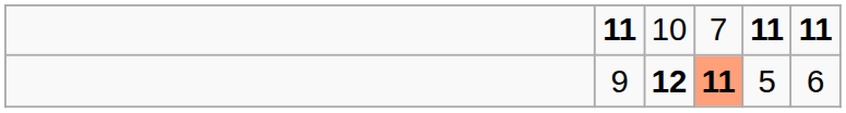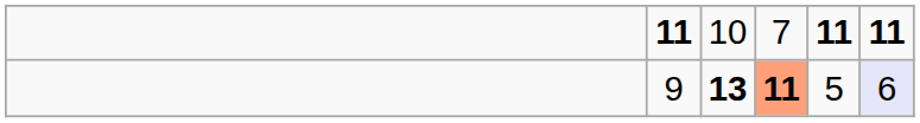 <table class="wikitable">
 <tr>
 <td style="width:18em"><strong></strong></td>
 <td align=center style="width:1em"><strong>11</strong></td>
 <td align=center style="width:1em">10</td>
 <td align=center style="width:1em">7</td>
 <td align=center style="width:1em"><strong>11</strong></td>
 <td align=center style="width:1em"><strong>11</strong></td>
 </tr>
 <tr>
 <td style="width:18em"></td>
 <td align=center style="width:1em">9</td>
-<td align=center style="width:1em"><strong>12</strong></td>
+<td align=center style="width:1em"><strong>13</strong></td>
 <td align=center style="background: lightsalmon; width:1em"><strong>11</strong></td>
 <td align=center style="width:1em">5</td>
-<td align=center style="width:1em">6</td>
+<td align=center style="background: lavender; width:1em">6</td>
 </tr>
 </table>
